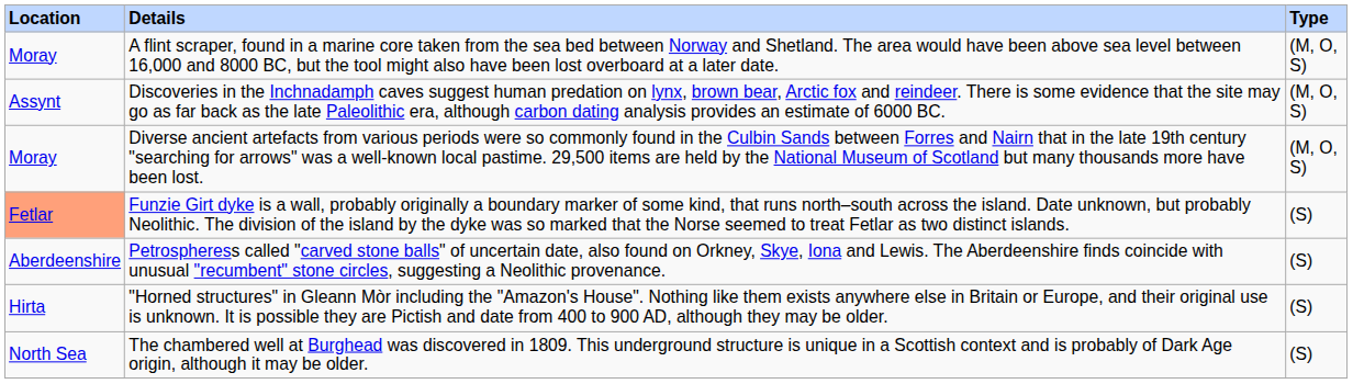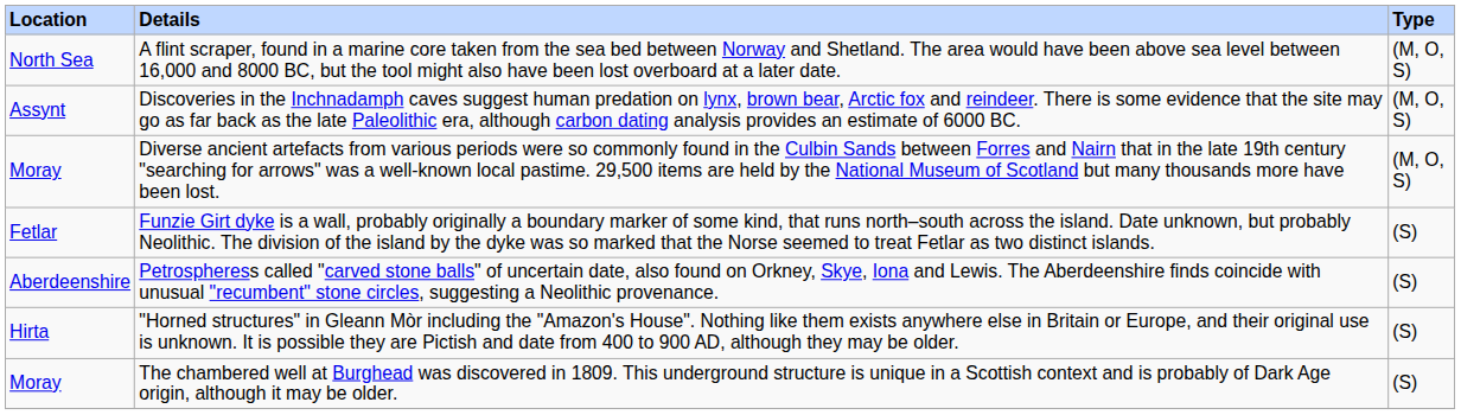 <table class="wikitable  sortable">
 <tr>
 <td bgcolor="#BFD7FF"><strong>Location</strong></td>
 <td class="unsortable"  bgcolor="#BFD7FF"><strong>Details</strong></td>
 <td bgcolor="#BFD7FF"><strong>Type</strong></td>
 </tr>
 <tr>
-<td><a href='#'>Moray</a></td>
+<td><a href='#'>North Sea</a></td>
 <td>A flint scraper, found in a marine core taken from the sea bed between <a href='#'>Norway</a> and Shetland. The area would have been above sea level between 16,000 and 8000 BC, but the tool might also have been lost overboard at a later date.</td>
 <td>(M, O, S)</td>
 </tr>
 <tr>
 <td><a href='#'>Assynt</a></td>
 <td>Discoveries in the <a href='#'>Inchnadamph</a> caves suggest human predation on <a href='#'>lynx</a>, <a href='#'>brown bear</a>, <a href='#'>Arctic fox</a> and <a href='#'>reindeer</a>. There is some evidence that the site may go as far back as the late <a href='#'>Paleolithic</a> era, although <a href='#'>carbon dating</a> analysis provides an estimate of 6000 BC.</td>
 <td>(M, O, S)</td>
 </tr>
 <tr>
 <td><a href='#'>Moray</a></td>
 <td>Diverse ancient artefacts from various periods were so commonly found in the <a href='#'>Culbin Sands</a> between <a href='#'>Forres</a> and <a href='#'>Nairn</a> that in the late 19th century "searching for arrows" was a well-known local pastime. 29,500 items are held by the <a href='#'>National Museum of Scotland</a> but many thousands more have been lost.</td>
 <td>(M, O, S)</td>
 </tr>
 <tr>
-<td style="background: lightsalmon;"><a href='#'>Fetlar</a></td>
+<td><a href='#'>Fetlar</a></td>
 <td><a href='#'>Funzie Girt dyke</a> is a wall, probably originally a boundary marker of some kind, that runs north–south across the island. Date unknown, but probably Neolithic. The division of the island by the dyke was so marked that the Norse seemed to treat Fetlar as two distinct islands.</td>
 <td>(S)</td>
 </tr>
 <tr>
 <td><a href='#'>Aberdeenshire</a></td>
 <td><a href='#'>Petrospheres</a>s called "<a href='#'>carved stone balls</a>" of uncertain date, also found on Orkney, <a href='#'>Skye</a>, <a href='#'>Iona</a> and Lewis. The Aberdeenshire finds coincide with unusual <a href='#'>"recumbent" stone circles</a>, suggesting a Neolithic provenance.</td>
 <td>(S)</td>
 </tr>
 <tr>
 <td><a href='#'>Hirta</a></td>
 <td>"Horned structures" in Gleann Mòr including the "Amazon's House". Nothing like them exists anywhere else in Britain or Europe, and their original use is unknown. It is possible they are Pictish and date from 400 to 900 AD, although they may be older.</td>
 <td>(S)</td>
 </tr>
 <tr>
-<td><a href='#'>North Sea</a></td>
+<td><a href='#'>Moray</a></td>
 <td>The chambered well at <a href='#'>Burghead</a> was discovered in 1809. This underground structure is unique in a Scottish context and is probably of Dark Age origin, although it may be older.</td>
 <td>(S)</td>
 </tr>
 <tr>
 </tr>
 </table>
